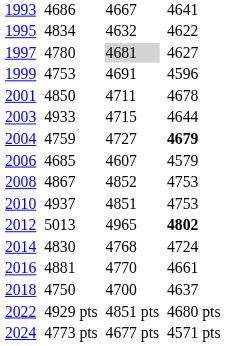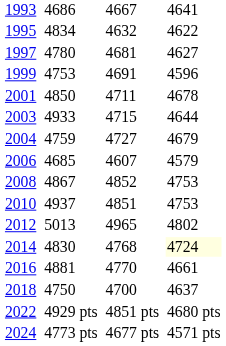 <table>
 <tr valign="top">
 <td><a href='#'>1993</a><br></td>
 <td></td>
 <td>4686</td>
 <td></td>
 <td>4667 </td>
 <td></td>
 <td>4641 </td>
 </tr>
 <tr valign="top">
 <td><a href='#'>1995</a><br></td>
 <td></td>
 <td>4834 </td>
 <td></td>
 <td>4632 </td>
 <td></td>
 <td>4622</td>
 </tr>
 <tr valign="top">
 <td><a href='#'>1997</a><br></td>
 <td></td>
 <td>4780 </td>
 <td></td>
-<td style="background: lightgrey;">4681 </td>
+<td>4681 </td>
 <td></td>
 <td>4627</td>
 </tr>
 <tr valign="top">
 <td><a href='#'>1999</a><br></td>
 <td></td>
 <td>4753 </td>
 <td></td>
 <td>4691</td>
 <td></td>
 <td>4596</td>
 </tr>
 <tr valign="top">
 <td><a href='#'>2001</a><br></td>
 <td></td>
 <td>4850 </td>
 <td></td>
 <td>4711 </td>
 <td></td>
 <td>4678 </td>
 </tr>
 <tr valign="top">
 <td><a href='#'>2003</a><br></td>
 <td></td>
 <td>4933 </td>
 <td></td>
 <td>4715</td>
 <td></td>
 <td>4644 </td>
 </tr>
 <tr valign="top">
 <td><a href='#'>2004</a><br></td>
 <td></td>
 <td>4759 </td>
 <td></td>
 <td>4727 </td>
 <td></td>
-<td><strong>4679 </strong></td>
+<td>4679 </td>
 </tr>
 <tr valign="top">
 <td><a href='#'>2006</a><br></td>
 <td></td>
 <td>4685 </td>
 <td></td>
 <td>4607</td>
 <td></td>
 <td>4579</td>
 </tr>
 <tr valign="top">
 <td><a href='#'>2008</a><br></td>
 <td></td>
 <td>4867 </td>
 <td></td>
 <td>4852 </td>
 <td></td>
 <td>4753</td>
 </tr>
 <tr valign="top">
 <td><a href='#'>2010</a><br></td>
 <td></td>
 <td>4937 </td>
 <td></td>
 <td>4851 </td>
 <td></td>
 <td>4753 </td>
 </tr>
 <tr valign="top">
 <td><a href='#'>2012</a><br></td>
 <td></td>
 <td>5013 </td>
 <td></td>
 <td>4965 </td>
 <td></td>
-<td><strong>4802 </strong></td>
+<td>4802 </td>
 </tr>
 <tr valign="top">
 <td><a href='#'>2014</a><br></td>
 <td></td>
 <td>4830 </td>
 <td></td>
 <td>4768 </td>
 <td></td>
-<td>4724 </td>
+<td style="background: lightyellow;">4724 </td>
 </tr>
 <tr valign="top">
 <td><a href='#'>2016</a><br></td>
 <td></td>
 <td>4881 </td>
 <td></td>
 <td>4770</td>
 <td></td>
 <td>4661</td>
 </tr>
 <tr valign="top">
 <td><a href='#'>2018</a><br></td>
 <td></td>
 <td>4750 </td>
 <td></td>
 <td>4700 </td>
 <td></td>
 <td>4637 </td>
 </tr>
 <tr valign="top">
 <td><a href='#'>2022</a><br></td>
 <td></td>
 <td>4929 pts </td>
 <td></td>
 <td>4851 pts </td>
 <td></td>
 <td>4680 pts </td>
 </tr>
 <tr valign="top">
 <td><a href='#'>2024</a><br></td>
 <td></td>
 <td>4773 pts </td>
 <td></td>
 <td>4677 pts </td>
 <td></td>
 <td>4571 pts </td>
 </tr>
 </table>
